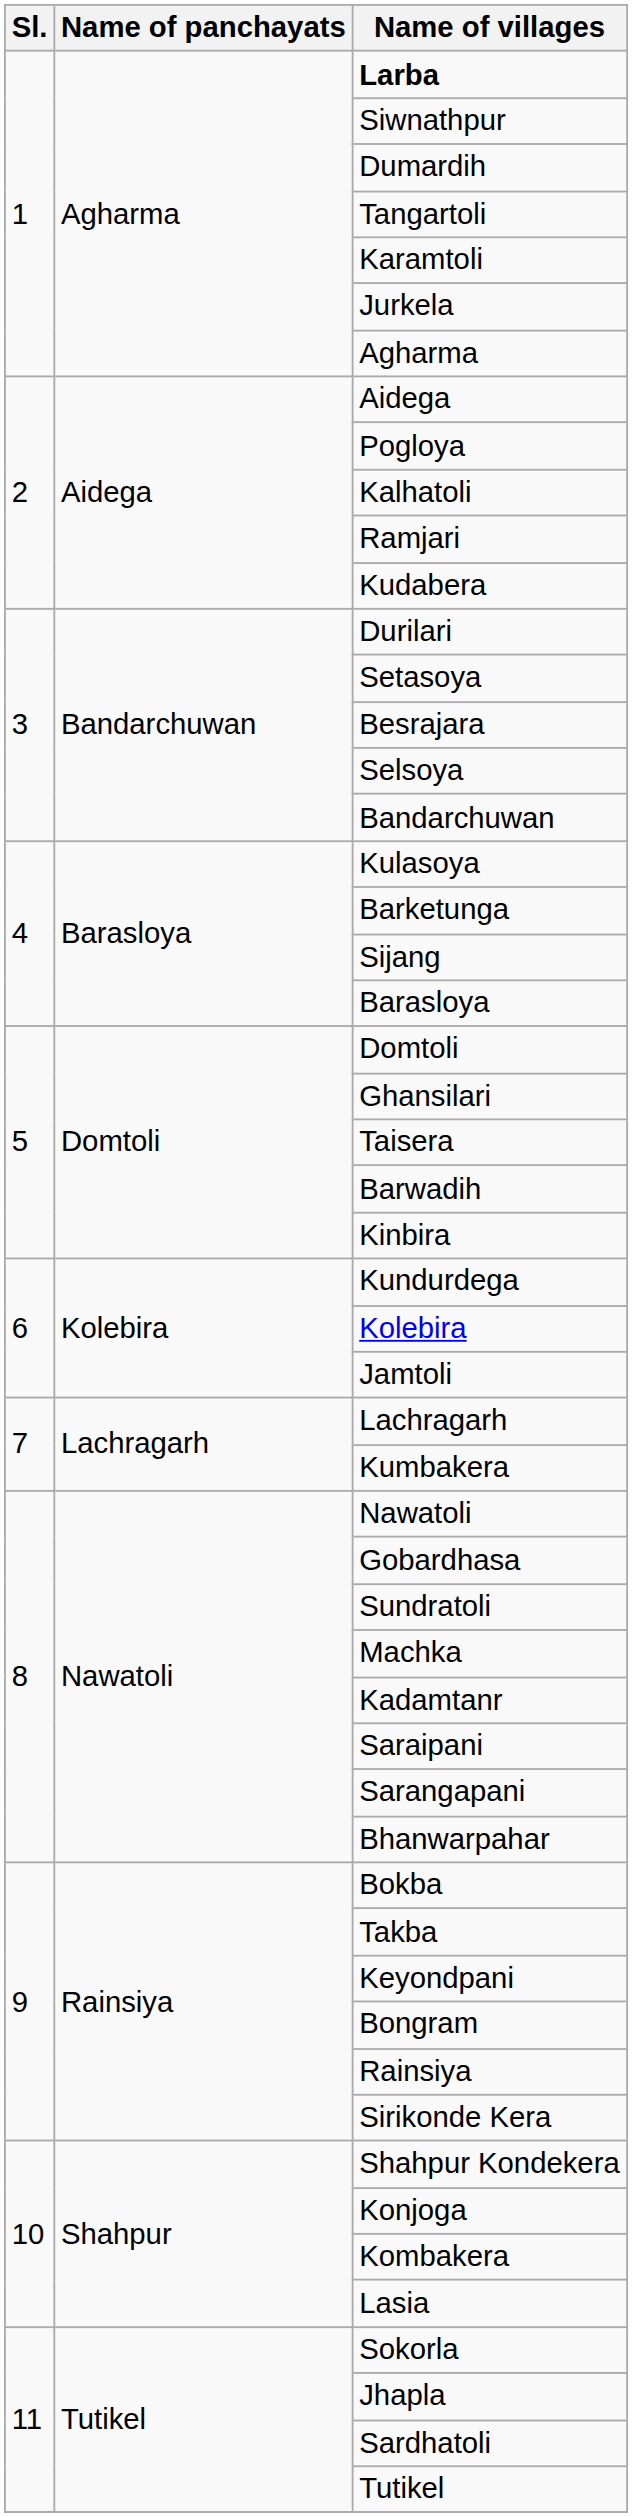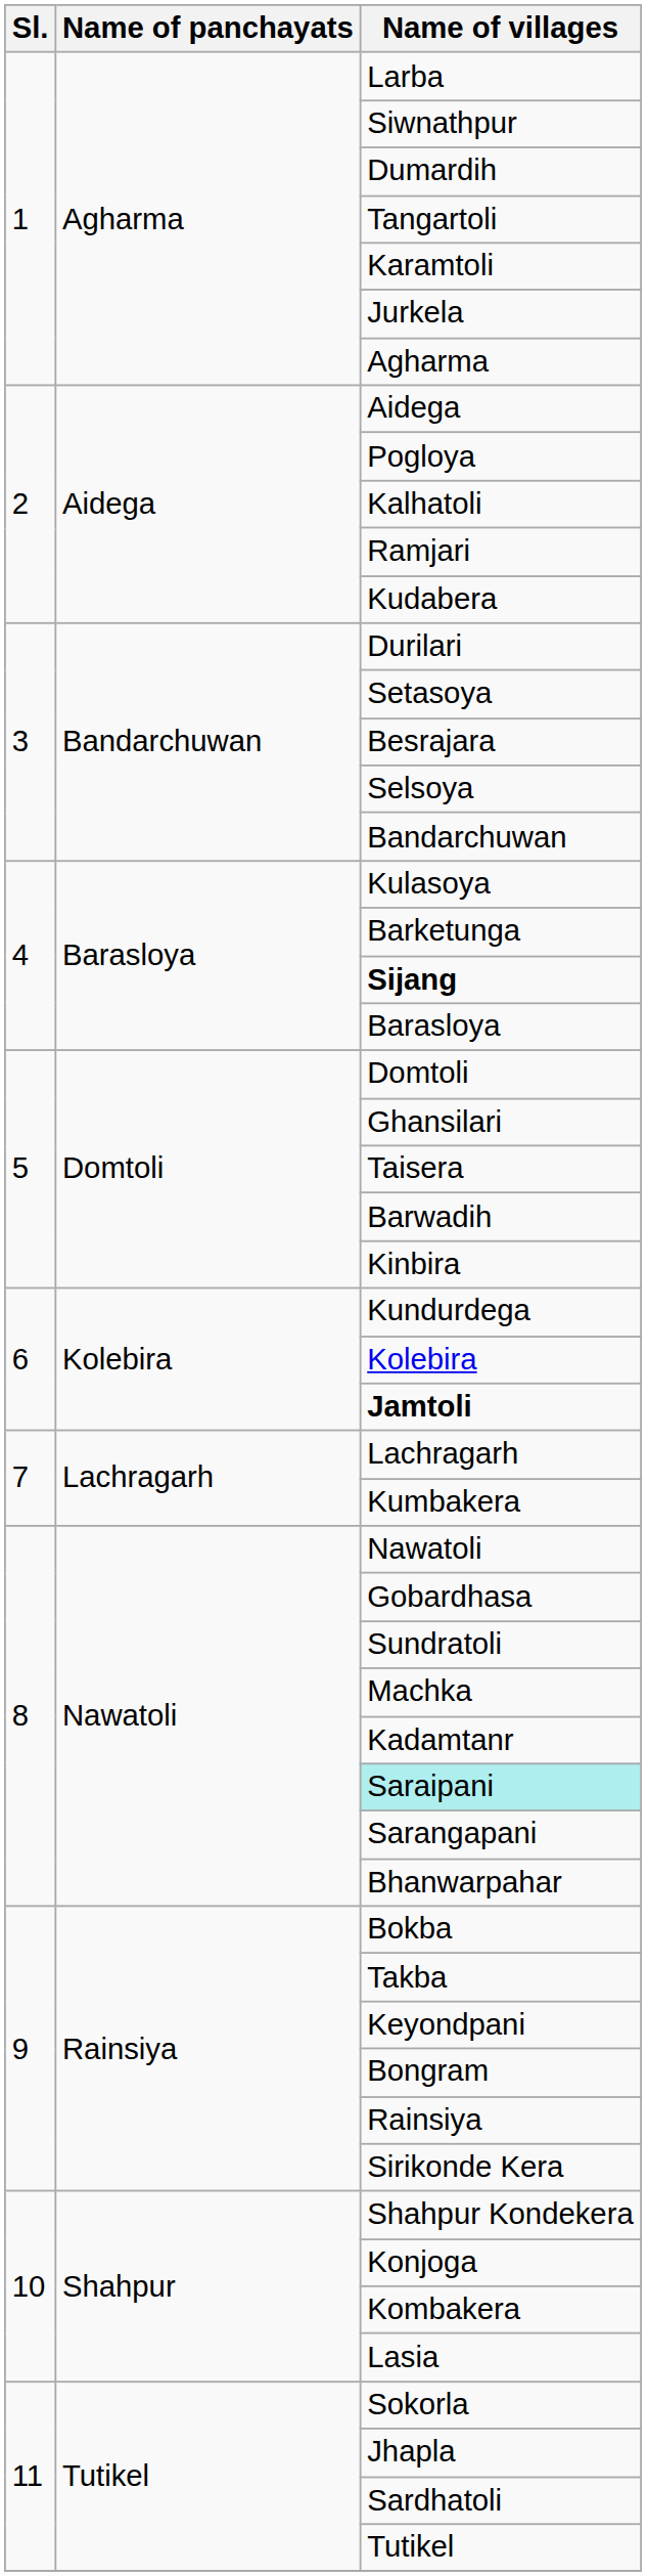 <table class="wikitable plainrowheaders sortable">
 <tr>
 <th scope="col">Sl.</th>
 <th scope="col">Name of panchayats</th>
 <th scope="col">Name of villages</th>
 </tr>
 <tr>
 <td rowspan="7">1</td>
 <td rowspan="7">Agharma</td>
-<td><strong>Larba</strong></td>
+<td>Larba</td>
 </tr>
 <tr>
 <td>Siwnathpur</td>
 </tr>
 <tr>
 <td>Dumardih</td>
 </tr>
 <tr>
 <td>Tangartoli</td>
 </tr>
 <tr>
 <td>Karamtoli</td>
 </tr>
 <tr>
 <td>Jurkela</td>
 </tr>
 <tr>
 <td>Agharma</td>
 </tr>
 <tr>
 <td rowspan="5">2</td>
 <td rowspan="5">Aidega</td>
 <td>Aidega</td>
 </tr>
 <tr>
 <td>Pogloya</td>
 </tr>
 <tr>
 <td>Kalhatoli</td>
 </tr>
 <tr>
 <td>Ramjari</td>
 </tr>
 <tr>
 <td>Kudabera</td>
 </tr>
 <tr>
 <td rowspan="5">3</td>
 <td rowspan="5">Bandarchuwan</td>
 <td>Durilari</td>
 </tr>
 <tr>
 <td>Setasoya</td>
 </tr>
 <tr>
 <td>Besrajara</td>
 </tr>
 <tr>
 <td>Selsoya</td>
 </tr>
 <tr>
 <td>Bandarchuwan</td>
 </tr>
 <tr>
 <td rowspan="4">4</td>
 <td rowspan="4">Barasloya</td>
 <td>Kulasoya</td>
 </tr>
 <tr>
 <td>Barketunga</td>
 </tr>
 <tr>
-<td>Sijang</td>
+<td><strong>Sijang</strong></td>
 </tr>
 <tr>
 <td>Barasloya</td>
 </tr>
 <tr>
 <td rowspan="5">5</td>
 <td rowspan="5">Domtoli</td>
 <td>Domtoli</td>
 </tr>
 <tr>
 <td>Ghansilari</td>
 </tr>
 <tr>
 <td>Taisera</td>
 </tr>
 <tr>
 <td>Barwadih</td>
 </tr>
 <tr>
 <td>Kinbira</td>
 </tr>
 <tr>
 <td rowspan="3">6</td>
 <td rowspan="3">Kolebira</td>
 <td>Kundurdega</td>
 </tr>
 <tr>
 <td><a href='#'>Kolebira</a></td>
 </tr>
 <tr>
-<td>Jamtoli</td>
+<td><strong>Jamtoli</strong></td>
 </tr>
 <tr>
 <td rowspan="2">7</td>
 <td rowspan="2">Lachragarh</td>
 <td>Lachragarh</td>
 </tr>
 <tr>
 <td>Kumbakera</td>
 </tr>
 <tr>
 <td rowspan="8">8</td>
 <td rowspan="8">Nawatoli</td>
 <td>Nawatoli</td>
 </tr>
 <tr>
 <td>Gobardhasa</td>
 </tr>
 <tr>
 <td>Sundratoli</td>
 </tr>
 <tr>
 <td>Machka</td>
 </tr>
 <tr>
 <td>Kadamtanr</td>
 </tr>
 <tr>
-<td>Saraipani</td>
+<td style="background: paleturquoise;">Saraipani</td>
 </tr>
 <tr>
 <td>Sarangapani</td>
 </tr>
 <tr>
 <td>Bhanwarpahar</td>
 </tr>
 <tr>
 <td rowspan="6">9</td>
 <td rowspan="6">Rainsiya</td>
 <td>Bokba</td>
 </tr>
 <tr>
 <td>Takba</td>
 </tr>
 <tr>
 <td>Keyondpani</td>
 </tr>
 <tr>
 <td>Bongram</td>
 </tr>
 <tr>
 <td>Rainsiya</td>
 </tr>
 <tr>
 <td>Sirikonde Kera</td>
 </tr>
 <tr>
 <td rowspan="4">10</td>
 <td rowspan="4">Shahpur</td>
 <td>Shahpur Kondekera</td>
 </tr>
 <tr>
 <td>Konjoga</td>
 </tr>
 <tr>
 <td>Kombakera</td>
 </tr>
 <tr>
 <td>Lasia</td>
 </tr>
 <tr>
 <td rowspan="4">11</td>
 <td rowspan="4">Tutikel</td>
 <td>Sokorla</td>
 </tr>
 <tr>
 <td>Jhapla</td>
 </tr>
 <tr>
 <td>Sardhatoli</td>
 </tr>
 <tr>
 <td>Tutikel</td>
 </tr>
 <tr>
 </tr>
 </table>
